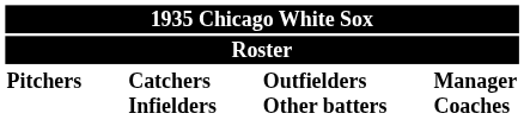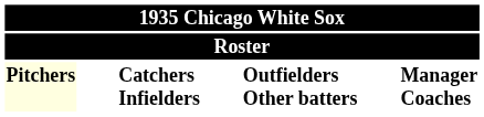 <table class="toccolours" style="font-size: 95%;">
 <tr>
 <th colspan="10" style="background-color: black; color: white; text-align: center;">1935 Chicago White Sox</th>
 </tr>
 <tr>
 <td colspan="10" style="background-color: black; color: white; text-align: center;"><strong>Roster</strong></td>
 </tr>
 <tr>
-<td valign="top"><strong>Pitchers</strong><br>             </td>
+<td valign="top" style="background: lightyellow;"><strong>Pitchers</strong><br>             </td>
 <td width="25px"></td>
 <td valign="top"><strong>Catchers</strong><br>   <strong>Infielders</strong>        </td>
 <td width="25px"></td>
 <td valign="top"><strong>Outfielders</strong><br>      <strong>Other batters</strong> </td>
 <td width="25px"></td>
 <td valign="top"><strong>Manager</strong><br> <strong>Coaches</strong>  </td>
 </tr>
 </table>
